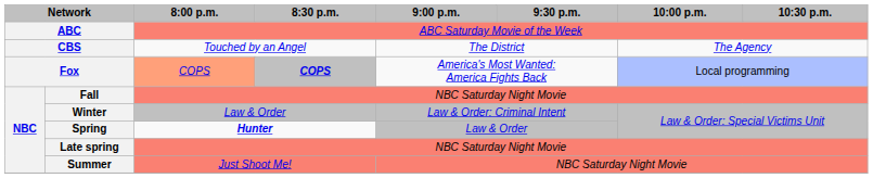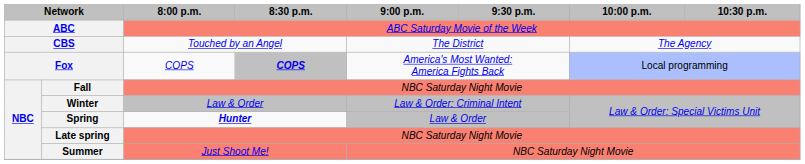 <table class="wikitable" style="width:100%;margin-right:0;text-align:center">
 <tr>
 <th colspan="2" style="background-color:#C0C0C0;text-align:center;width:15%;">Network</th>
 <th style="background-color:#C0C0C0;text-align:center;width:14%;">8:00 p.m.</th>
 <th style="background-color:#C0C0C0;text-align:center;width:14%;">8:30 p.m.</th>
 <th style="background-color:#C0C0C0;text-align:center;width:14%;">9:00 p.m.</th>
 <th style="background-color:#C0C0C0;text-align:center;width:14%;">9:30 p.m.</th>
 <th style="background-color:#C0C0C0;text-align:center">10:00 p.m.</th>
 <th style="background-color:#C0C0C0;text-align:center">10:30 p.m.</th>
 </tr>
 <tr>
 <th colspan="2"><a href='#'>ABC</a></th>
 <td colspan="6" style="background:#FA8072;"><em><a href='#'>ABC Saturday Movie of the Week</a></em></td>
 </tr>
 <tr>
 <th colspan="2"><a href='#'>CBS</a></th>
 <td colspan="2"><em><a href='#'>Touched by an Angel</a></em></td>
 <td colspan="2"><em><a href='#'>The District</a></em></td>
 <td colspan="2"><em><a href='#'>The Agency</a></em></td>
 </tr>
 <tr>
 <th colspan="2"><a href='#'>Fox</a></th>
-<td style="background: lightsalmon;"><em><a href='#'>COPS</a></em></td>
+<td><em><a href='#'>COPS</a></em></td>
 <td style="background:#C0C0C0;"><strong><em><a href='#'>COPS</a></em> </strong></td>
 <td colspan="2"><em><a href='#'>America's Most Wanted:<br>America Fights Back</a></em></td>
 <td colspan="2" style="background:#abbfff;">Local programming</td>
 </tr>
 <tr>
 <th rowspan="5"><a href='#'>NBC</a></th>
 <th>Fall</th>
 <td colspan="6" style="background:#FA8072;"><em>NBC Saturday Night Movie</em></td>
 </tr>
 <tr>
 <th>Winter</th>
 <td colspan="2" style="background:#C0C0C0;"><em><a href='#'>Law & Order</a></em> </td>
 <td colspan="2" style="background:#C0C0C0;"><em><a href='#'>Law & Order: Criminal Intent</a></em> </td>
 <td rowspan="2" colspan="2" style="background:#C0C0C0;"><em><a href='#'>Law & Order: Special Victims Unit</a></em> </td>
 </tr>
 <tr>
 <th>Spring</th>
 <td colspan="2"><strong><em><a href='#'>Hunter</a></em></strong></td>
 <td colspan="2" style="background:#C0C0C0;"><em><a href='#'>Law & Order</a></em> </td>
 </tr>
 <tr>
 <th>Late spring</th>
 <td colspan="6" style="background:#FA8072;"><em>NBC Saturday Night Movie</em></td>
 </tr>
 <tr>
 <th>Summer</th>
 <td colspan="2" style="background:#FA8072;"><em><a href='#'>Just Shoot Me!</a></em></td>
 <td colspan="4" style="background:#FA8072;"><em>NBC Saturday Night Movie</em></td>
 </tr>
 <tr>
 </tr>
 </table>
